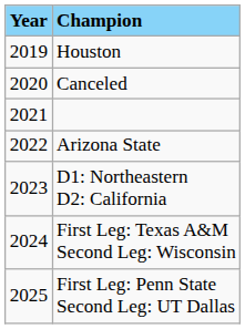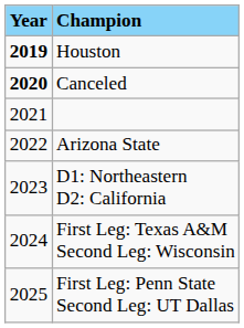 <table class="wikitable" style="font-size:85%;">
 <tr ! style="background-color: #87D3F8;">
 <td><strong>Year</strong></td>
 <td><strong>Champion</strong></td>
 </tr>
 <tr --->
-<td>2019</td>
+<td><strong>2019</strong></td>
 <td>Houston</td>
 </tr>
 <tr>
-<td>2020</td>
+<td><strong>2020</strong></td>
 <td>Canceled</td>
 </tr>
 <tr>
 <td>2021</td>
 <td></td>
 </tr>
 <tr>
 <td>2022</td>
 <td>Arizona State</td>
 </tr>
 <tr>
 <td>2023</td>
 <td>D1: Northeastern<br>D2: California</td>
 </tr>
 <tr>
 <td>2024</td>
 <td>First Leg: Texas A&M<br>Second Leg: Wisconsin</td>
 </tr>
 <tr>
 <td>2025</td>
 <td>First Leg: Penn State<br>Second Leg: UT Dallas</td>
 </tr>
 </table>
